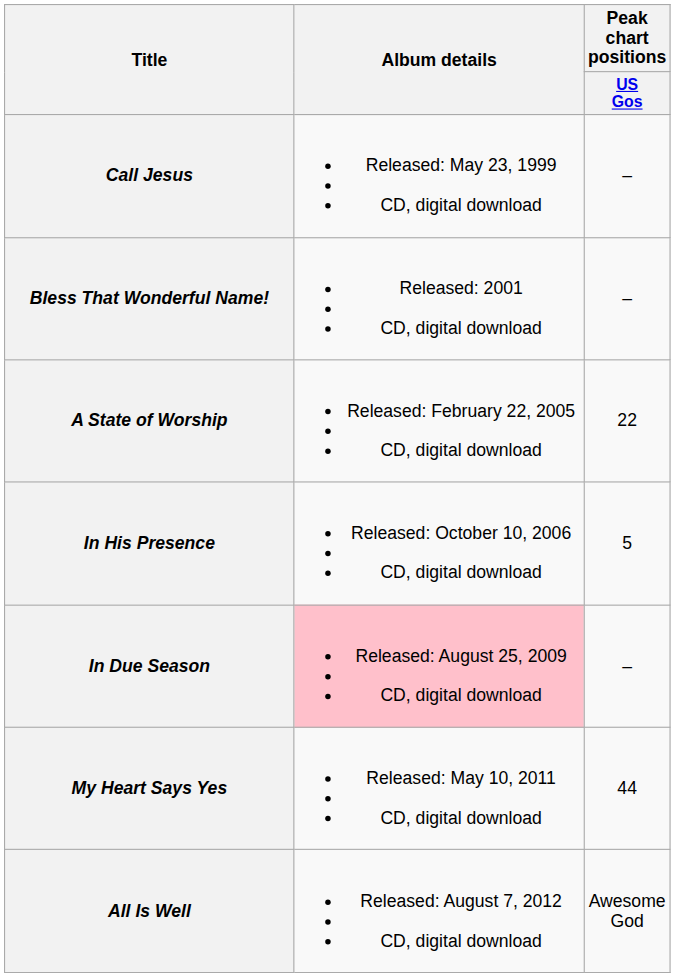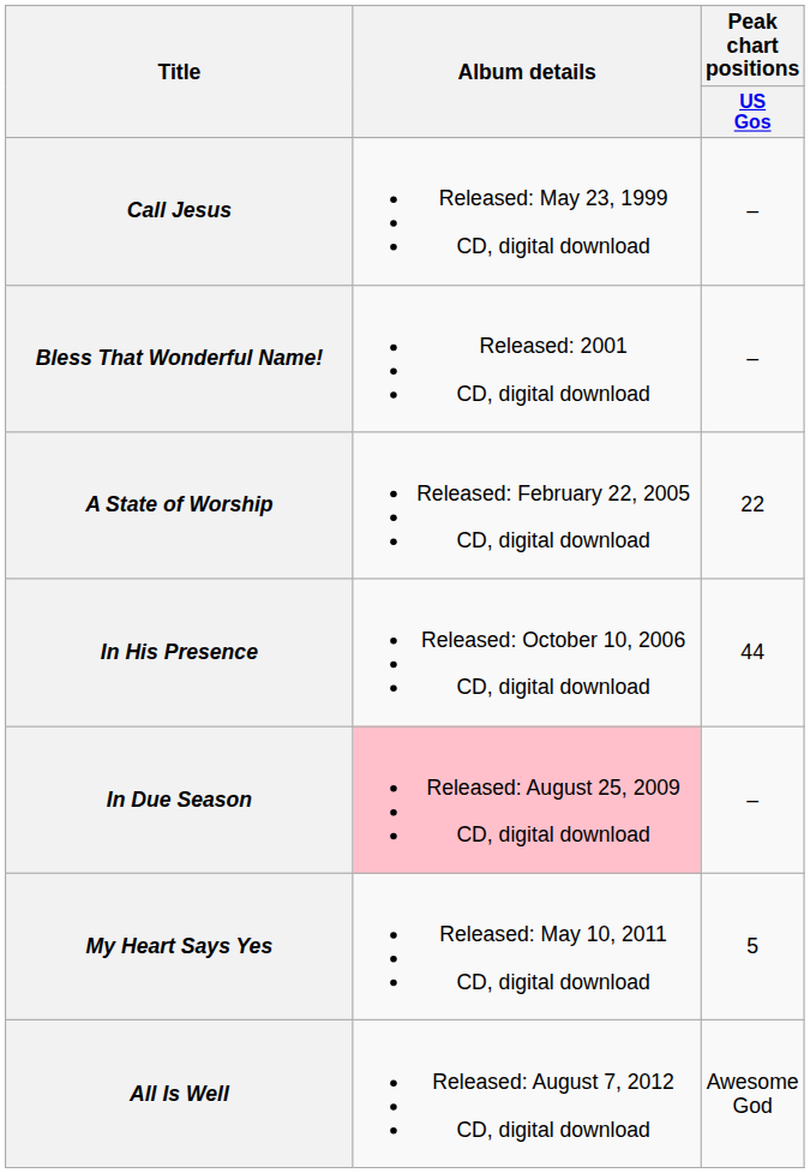 <table class="wikitable plainrowheaders" style="text-align:center;">
 <tr>
 <th scope="col" rowspan="2" style="width:16em;">Title</th>
 <th scope="col" rowspan="2" style="width:16em;">Album details</th>
 <th scope="col" colspan="1">Peak chart positions</th>
 </tr>
 <tr>
 <th style="width:3em; font-size:90%"><a href='#'>US<br>Gos</a></th>
 </tr>
 <tr>
 <th scope="row"><em>Call Jesus</em></th>
 <td><br><ul><li>Released: May 23, 1999</li><li></li><li>CD, digital download</li></ul></td>
 <td>–</td>
 </tr>
 <tr>
 <th scope="row"><em>Bless That Wonderful Name!</em></th>
 <td><br><ul><li>Released: 2001</li><li></li><li>CD, digital download</li></ul></td>
 <td>–</td>
 </tr>
 <tr>
 <th scope="row"><em>A State of Worship</em></th>
 <td><br><ul><li>Released: February 22, 2005</li><li></li><li>CD, digital download</li></ul></td>
 <td>22</td>
 </tr>
 <tr>
 <th scope="row"><em>In His Presence</em></th>
 <td><br><ul><li>Released: October 10, 2006</li><li></li><li>CD, digital download</li></ul></td>
-<td>5</td>
+<td>44</td>
 </tr>
 <tr>
 <th scope="row"><em>In Due Season</em></th>
 <td style="background: pink;"><br><ul><li>Released: August 25, 2009</li><li></li><li>CD, digital download</li></ul></td>
 <td>–</td>
 </tr>
 <tr>
 <th scope="row"><em>My Heart Says Yes</em></th>
 <td><br><ul><li>Released: May 10, 2011</li><li></li><li>CD, digital download</li></ul></td>
-<td>44</td>
+<td>5</td>
 </tr>
 <tr>
 <th scope="row"><em>All Is Well</em></th>
 <td><br><ul><li>Released: August 7, 2012</li><li></li><li>CD, digital download</li></ul></td>
 <td>Awesome God</td>
 </tr>
 </table>
